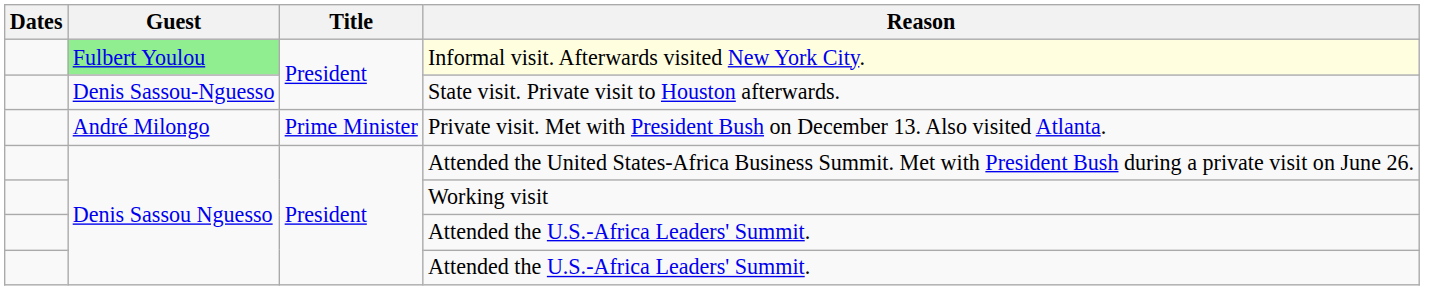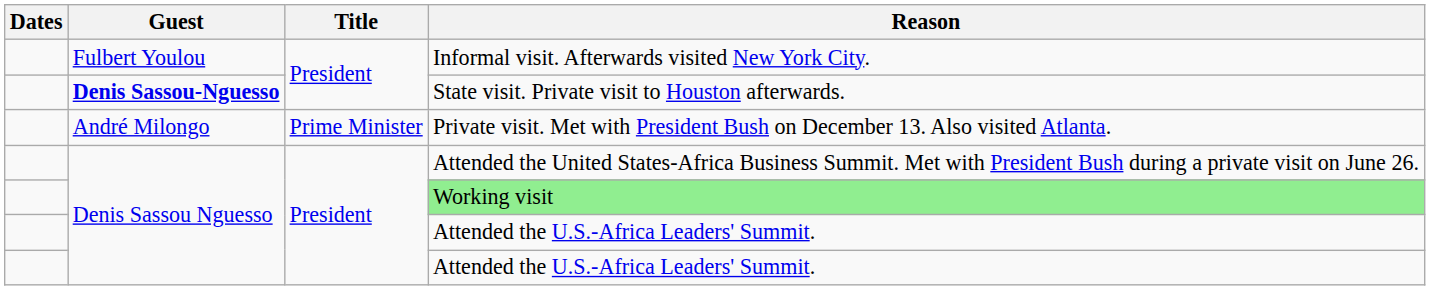 <table class="wikitable sortable">
 <tr>
 <th>Dates</th>
 <th>Guest</th>
 <th>Title</th>
 <th>Reason</th>
 </tr>
 <tr>
 <td></td>
-<td style="background: lightgreen;"><a href='#'>Fulbert Youlou</a></td>
+<td><a href='#'>Fulbert Youlou</a></td>
 <td rowspan=2><a href='#'>President</a></td>
-<td style="background: lightyellow;">Informal visit. Afterwards visited <a href='#'>New York City</a>.</td>
+<td>Informal visit. Afterwards visited <a href='#'>New York City</a>.</td>
 </tr>
 <tr>
 <td></td>
-<td><a href='#'>Denis Sassou-Nguesso</a></td>
+<td><strong><a href='#'>Denis Sassou-Nguesso</a></strong></td>
 <td>State visit. Private visit to <a href='#'>Houston</a> afterwards.</td>
 </tr>
 <tr>
 <td></td>
 <td><a href='#'>André Milongo</a></td>
 <td><a href='#'>Prime Minister</a></td>
 <td>Private visit. Met with <a href='#'>President Bush</a> on December 13. Also visited <a href='#'>Atlanta</a>.</td>
 </tr>
 <tr>
 <td></td>
 <td rowspan=4><a href='#'>Denis Sassou Nguesso</a></td>
 <td rowspan=4><a href='#'>President</a></td>
 <td>Attended the United States-Africa Business Summit. Met with <a href='#'>President Bush</a> during a private visit on June 26.</td>
 </tr>
 <tr>
 <td></td>
-<td>Working visit</td>
+<td style="background: lightgreen;">Working visit</td>
 </tr>
 <tr>
 <td></td>
 <td>Attended the <a href='#'>U.S.-Africa Leaders' Summit</a>.</td>
 </tr>
 <tr>
 <td></td>
 <td>Attended the <a href='#'>U.S.-Africa Leaders' Summit</a>.</td>
 </tr>
 </table>
